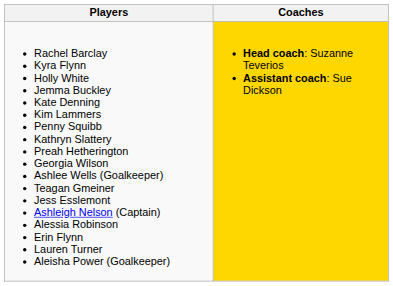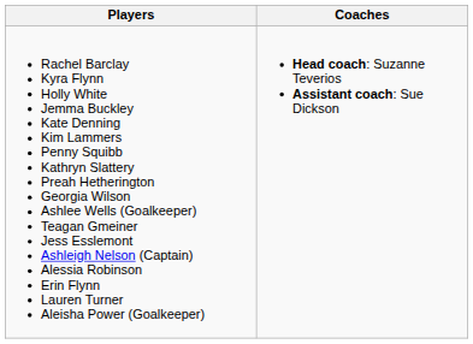 <table class=wikitable>
 <tr>
 <th width=300 bgcolor=gainsboro>Players</th>
 <th width=250 bgcolor=gainsboro>Coaches</th>
 </tr>
 <tr>
 <td><br><ul><li>Rachel Barclay</li><li>Kyra Flynn</li><li>Holly White</li><li>Jemma Buckley</li><li>Kate Denning</li><li>Kim Lammers</li><li>Penny Squibb</li><li>Kathryn Slattery</li><li>Preah Hetherington</li><li>Georgia Wilson</li><li>Ashlee Wells (Goalkeeper)</li><li>Teagan Gmeiner</li><li>Jess Esslemont</li><li><a href='#'>Ashleigh Nelson</a> (Captain)</li><li>Alessia Robinson</li><li>Erin Flynn</li><li>Lauren Turner</li><li>Aleisha Power (Goalkeeper)</li></ul></td>
-<td valign=top style="background: gold;"><br><ul><li><strong>Head coach</strong>: Suzanne Teverios</li><li><strong>Assistant coach</strong>: Sue Dickson</li></ul></td>
+<td valign=top><br><ul><li><strong>Head coach</strong>: Suzanne Teverios</li><li><strong>Assistant coach</strong>: Sue Dickson</li></ul></td>
 </tr>
 </table>
